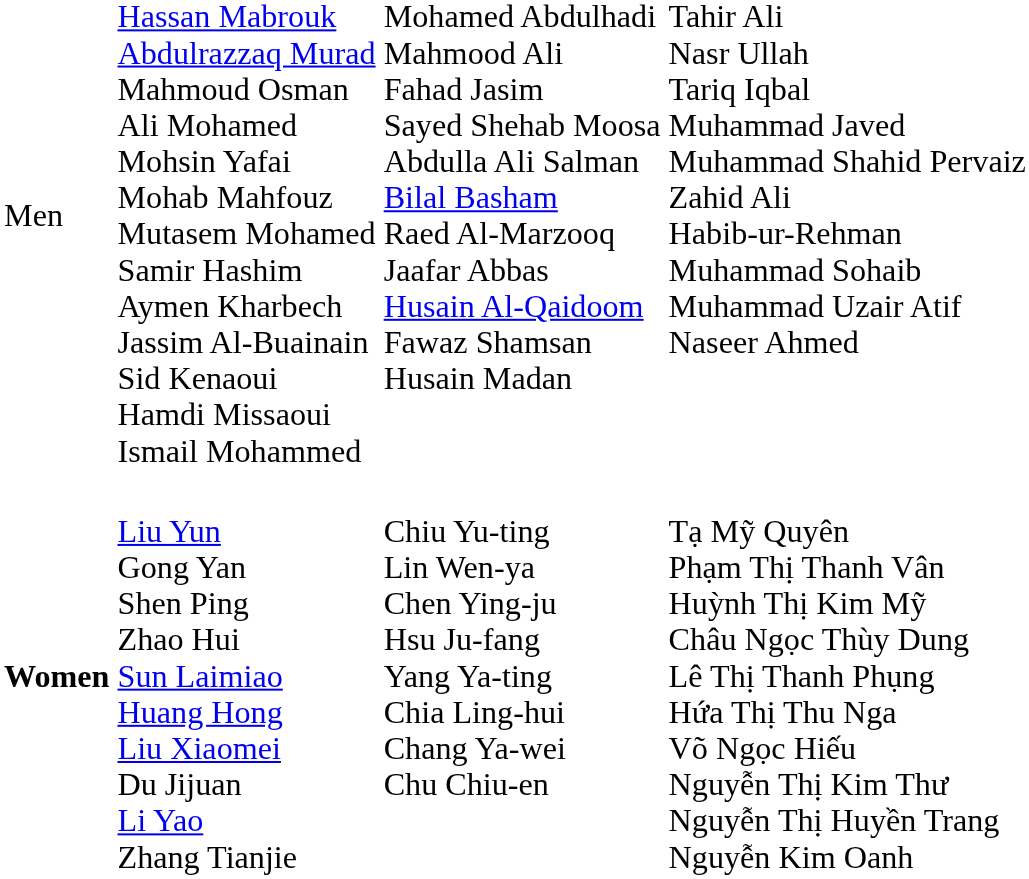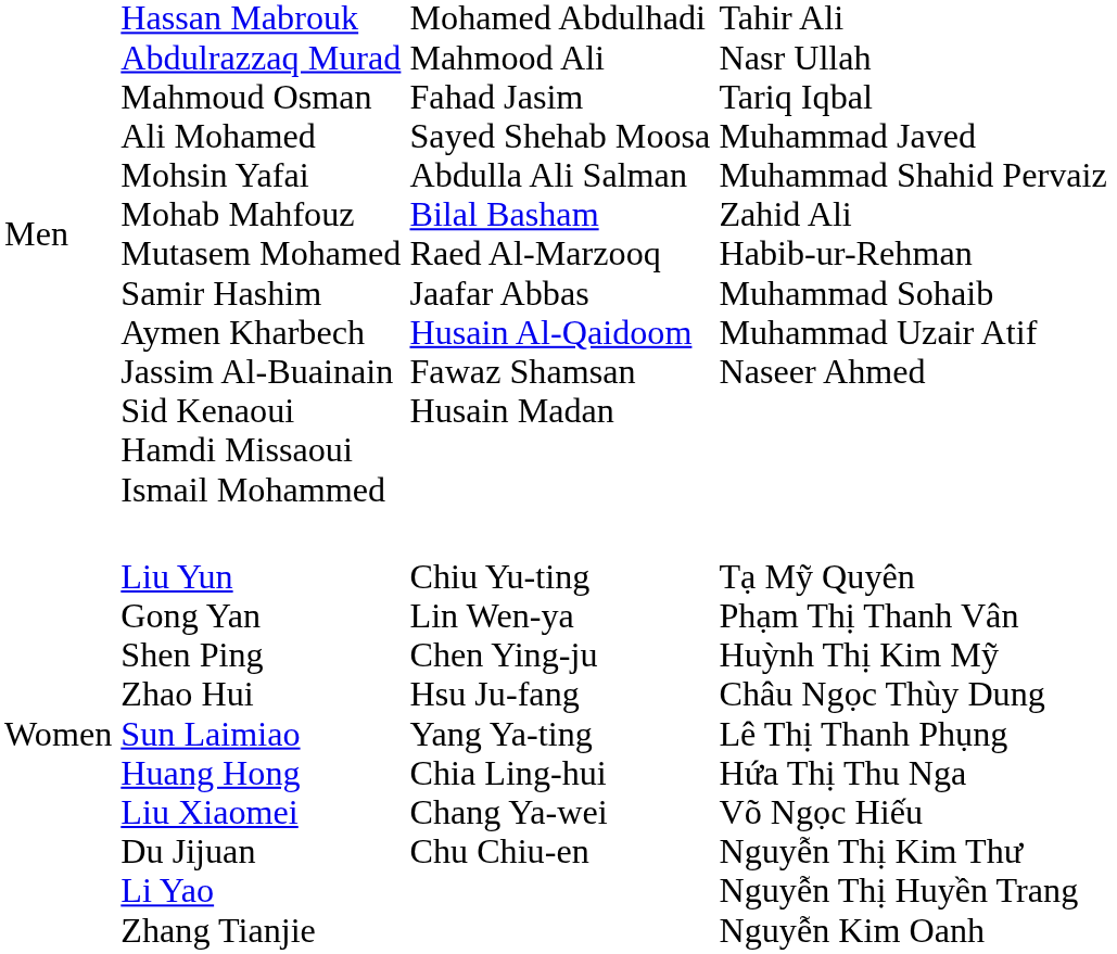 <table>
 <tr>
 <td>Men</td>
 <td><br><a href='#'>Hassan Mabrouk</a><br><a href='#'>Abdulrazzaq Murad</a><br>Mahmoud Osman<br>Ali Mohamed<br>Mohsin Yafai<br>Mohab Mahfouz<br>Mutasem Mohamed<br>Samir Hashim<br>Aymen Kharbech<br>Jassim Al-Buainain<br>Sid Kenaoui<br>Hamdi Missaoui<br>Ismail Mohammed</td>
 <td valign=top><br>Mohamed Abdulhadi<br>Mahmood Ali<br>Fahad Jasim<br>Sayed Shehab Moosa<br>Abdulla Ali Salman<br><a href='#'>Bilal Basham</a><br>Raed Al-Marzooq<br>Jaafar Abbas<br><a href='#'>Husain Al-Qaidoom</a><br>Fawaz Shamsan<br>Husain Madan</td>
 <td valign=top><br>Tahir Ali<br>Nasr Ullah<br>Tariq Iqbal<br>Muhammad Javed <br>Muhammad Shahid Pervaiz<br>Zahid Ali<br>Habib-ur-Rehman<br>Muhammad Sohaib<br>Muhammad Uzair Atif<br>Naseer Ahmed</td>
 </tr>
 <tr>
-<td><strong>Women</strong></td>
+<td>Women</td>
 <td><br><a href='#'>Liu Yun</a><br>Gong Yan<br>Shen Ping<br>Zhao Hui<br><a href='#'>Sun Laimiao</a><br><a href='#'>Huang Hong</a><br><a href='#'>Liu Xiaomei</a><br>Du Jijuan<br><a href='#'>Li Yao</a><br>Zhang Tianjie</td>
 <td valign=top><br>Chiu Yu-ting<br>Lin Wen-ya<br>Chen Ying-ju<br>Hsu Ju-fang<br>Yang Ya-ting<br>Chia Ling-hui<br>Chang Ya-wei<br>Chu Chiu-en</td>
 <td><br>Tạ Mỹ Quyên<br>Phạm Thị Thanh Vân<br>Huỳnh Thị Kim Mỹ<br>Châu Ngọc Thùy Dung<br>Lê Thị Thanh Phụng<br>Hứa Thị Thu Nga<br>Võ Ngọc Hiếu<br>Nguyễn Thị Kim Thư<br>Nguyễn Thị Huyền Trang<br>Nguyễn Kim Oanh</td>
 </tr>
 </table>
